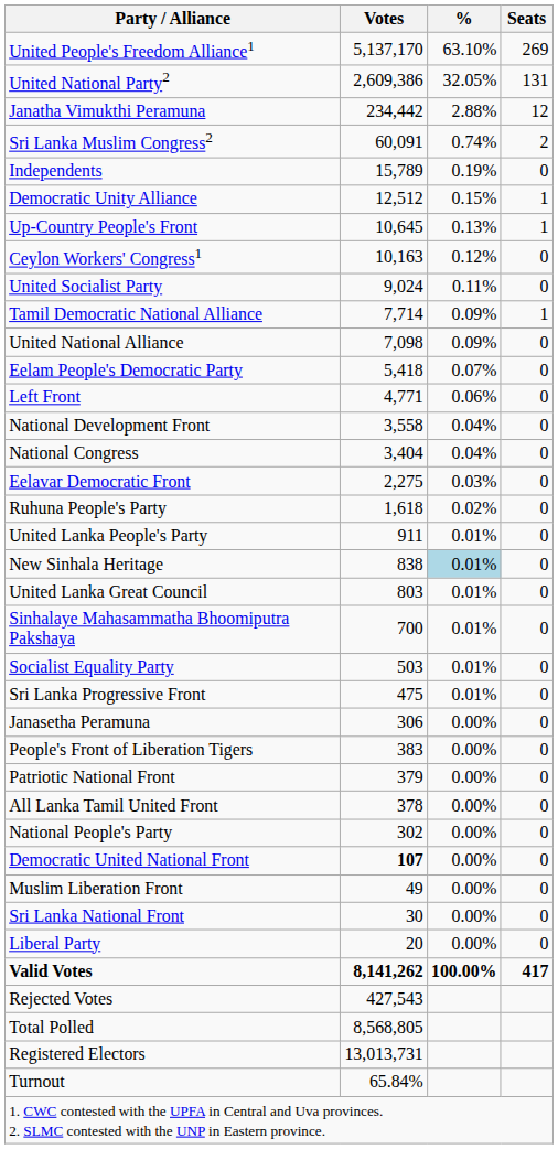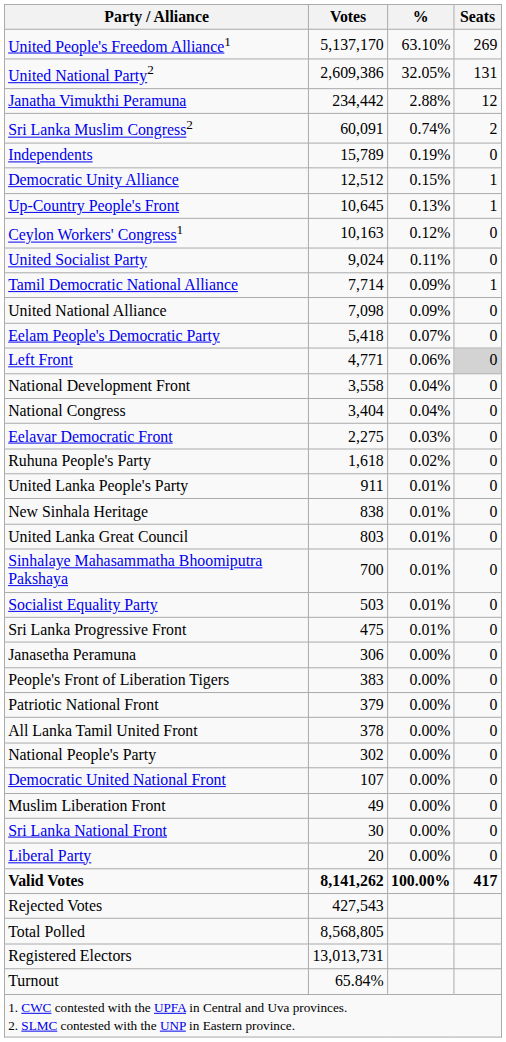 <table class="wikitable" border="1" style="text-align:right;">
 <tr>
 <th width="300">Party / Alliance</th>
 <th width="60">Votes</th>
 <th width="50">%</th>
 <th width="40">Seats</th>
 </tr>
 <tr>
 <td align=left><a href='#'>United People's Freedom Alliance</a><sup>1</sup></td>
 <td>5,137,170</td>
 <td>63.10%</td>
 <td>269</td>
 </tr>
 <tr>
 <td align=left><a href='#'>United National Party</a><sup>2</sup></td>
 <td>2,609,386</td>
 <td>32.05%</td>
 <td>131</td>
 </tr>
 <tr>
 <td align=left><a href='#'>Janatha Vimukthi Peramuna</a></td>
 <td>234,442</td>
 <td>2.88%</td>
 <td>12</td>
 </tr>
 <tr>
 <td align=left><a href='#'>Sri Lanka Muslim Congress</a><sup>2</sup></td>
 <td>60,091</td>
 <td>0.74%</td>
 <td>2</td>
 </tr>
 <tr>
 <td align=left><a href='#'>Independents</a></td>
 <td>15,789</td>
 <td>0.19%</td>
 <td>0</td>
 </tr>
 <tr>
 <td align=left><a href='#'>Democratic Unity Alliance</a></td>
 <td>12,512</td>
 <td>0.15%</td>
 <td>1</td>
 </tr>
 <tr>
 <td align=left><a href='#'>Up-Country People's Front</a></td>
 <td>10,645</td>
 <td>0.13%</td>
 <td>1</td>
 </tr>
 <tr>
 <td align=left><a href='#'>Ceylon Workers' Congress</a><sup>1</sup></td>
 <td>10,163</td>
 <td>0.12%</td>
 <td>0</td>
 </tr>
 <tr>
 <td align=left><a href='#'>United Socialist Party</a></td>
 <td>9,024</td>
 <td>0.11%</td>
 <td>0</td>
 </tr>
 <tr>
 <td align=left><a href='#'>Tamil Democratic National Alliance</a></td>
 <td>7,714</td>
 <td>0.09%</td>
 <td>1</td>
 </tr>
 <tr>
 <td align=left>United National Alliance</td>
 <td>7,098</td>
 <td>0.09%</td>
 <td>0</td>
 </tr>
 <tr>
 <td align=left><a href='#'>Eelam People's Democratic Party</a></td>
 <td>5,418</td>
 <td>0.07%</td>
 <td>0</td>
 </tr>
 <tr>
 <td align=left><a href='#'>Left Front</a></td>
 <td>4,771</td>
 <td>0.06%</td>
-<td>0</td>
+<td style="background: lightgrey;">0</td>
 </tr>
 <tr>
 <td align=left>National Development Front</td>
 <td>3,558</td>
 <td>0.04%</td>
 <td>0</td>
 </tr>
 <tr>
 <td align=left>National Congress</td>
 <td>3,404</td>
 <td>0.04%</td>
 <td>0</td>
 </tr>
 <tr>
 <td align=left><a href='#'>Eelavar Democratic Front</a></td>
 <td>2,275</td>
 <td>0.03%</td>
 <td>0</td>
 </tr>
 <tr>
 <td align=left>Ruhuna People's Party</td>
 <td>1,618</td>
 <td>0.02%</td>
 <td>0</td>
 </tr>
 <tr>
 <td align=left>United Lanka People's Party</td>
 <td>911</td>
 <td>0.01%</td>
 <td>0</td>
 </tr>
 <tr>
 <td align=left>New Sinhala Heritage</td>
 <td>838</td>
-<td style="background: lightblue;">0.01%</td>
+<td>0.01%</td>
 <td>0</td>
 </tr>
 <tr>
 <td align=left>United Lanka Great Council</td>
 <td>803</td>
 <td>0.01%</td>
 <td>0</td>
 </tr>
 <tr>
 <td align=left><a href='#'>Sinhalaye Mahasammatha Bhoomiputra Pakshaya</a></td>
 <td>700</td>
 <td>0.01%</td>
 <td>0</td>
 </tr>
 <tr>
 <td align=left><a href='#'>Socialist Equality Party</a></td>
 <td>503</td>
 <td>0.01%</td>
 <td>0</td>
 </tr>
 <tr>
 <td align=left>Sri Lanka Progressive Front</td>
 <td>475</td>
 <td>0.01%</td>
 <td>0</td>
 </tr>
 <tr>
 <td align=left>Janasetha Peramuna</td>
 <td>306</td>
 <td>0.00%</td>
 <td>0</td>
 </tr>
 <tr>
 <td align=left>People's Front of Liberation Tigers</td>
 <td>383</td>
 <td>0.00%</td>
 <td>0</td>
 </tr>
 <tr>
 <td align=left>Patriotic National Front</td>
 <td>379</td>
 <td>0.00%</td>
 <td>0</td>
 </tr>
 <tr>
 <td align=left>All Lanka Tamil United Front</td>
 <td>378</td>
 <td>0.00%</td>
 <td>0</td>
 </tr>
 <tr>
 <td align=left>National People's Party</td>
 <td>302</td>
 <td>0.00%</td>
 <td>0</td>
 </tr>
 <tr>
 <td align=left><a href='#'>Democratic United National Front</a></td>
-<td><strong>107</strong></td>
+<td>107</td>
 <td>0.00%</td>
 <td>0</td>
 </tr>
 <tr>
 <td align=left>Muslim Liberation Front</td>
 <td>49</td>
 <td>0.00%</td>
 <td>0</td>
 </tr>
 <tr>
 <td align=left><a href='#'>Sri Lanka National Front</a></td>
 <td>30</td>
 <td>0.00%</td>
 <td>0</td>
 </tr>
 <tr>
 <td align=left><a href='#'>Liberal Party</a></td>
 <td>20</td>
 <td>0.00%</td>
 <td>0</td>
 </tr>
 <tr>
 <td align=left><strong>Valid Votes</strong></td>
 <td><strong>8,141,262</strong></td>
 <td><strong>100.00%</strong></td>
 <td><strong>417</strong></td>
 </tr>
 <tr>
 <td align=left>Rejected Votes</td>
 <td>427,543</td>
 <td></td>
 <td></td>
 </tr>
 <tr>
 <td align=left>Total Polled</td>
 <td>8,568,805</td>
 <td></td>
 <td></td>
 </tr>
 <tr>
 <td align=left>Registered Electors</td>
 <td>13,013,731</td>
 <td></td>
 <td></td>
 </tr>
 <tr>
 <td align=left>Turnout</td>
 <td>65.84%</td>
 <td></td>
 <td></td>
 </tr>
 <tr>
 <td align=left colspan=4><small>1. <a href='#'>CWC</a> contested with the <a href='#'>UPFA</a> in Central and Uva provinces.<br>2. <a href='#'>SLMC</a> contested with the <a href='#'>UNP</a> in Eastern province.</small></td>
 </tr>
 </table>
